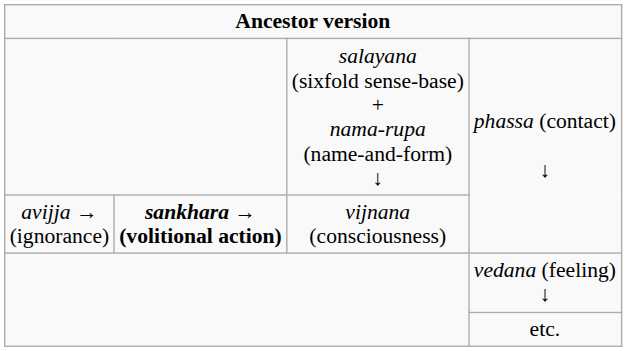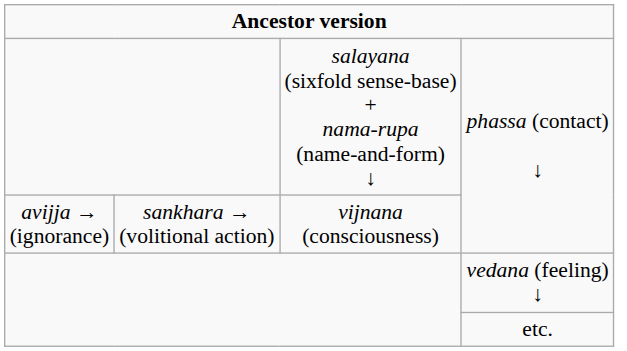 <table class="wikitable floatleft mw-collapsible autocollapse" border="1" cellpadding="3" cellspacing="0" style="font-size:100%">
 <tr>
 <td style="text-align:center;" colspan= 4><strong>Ancestor version</strong></td>
 </tr>
 <tr>
 <td colspan=2></td>
 <td style="text-align:center;"><em>salayana</em><br>(sixfold sense-base)<br>+<br><em>nama-rupa</em><br>(name-and-form)<br>↓</td>
 <td style="text-align:center;" rowspan=2><em>phassa</em> (contact)<br><br>↓</td>
 </tr>
 <tr>
 <td style="text-align:center;"><em>avijja</em> →<br>(ignorance)</td>
-<td style="text-align:center;"><strong><em>sankhara</em> →<br>(volitional action)</strong></td>
+<td style="text-align:center;"><em>sankhara</em> →<br>(volitional action)</td>
 <td style="text-align:center;"><em>vijnana</em><br>(consciousness)</td>
 </tr>
 <tr>
 <td colspan=3 rowspan=2></td>
 <td style="text-align:center;"><em>vedana</em> (feeling)<br>↓</td>
 </tr>
 <tr>
 <td style="text-align:center;">etc.</td>
 </tr>
 </table>
